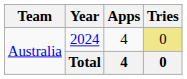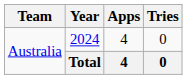 <table class="wikitable" style="text-align: center;">
 <tr>
 <th>Team</th>
 <th>Year</th>
 <th>Apps</th>
 <th>Tries</th>
 </tr>
 <tr>
 <td rowspan=2><a href='#'>Australia</a></td>
 <td><a href='#'>2024</a></td>
 <td>4</td>
-<td style="background: khaki;">0</td>
+<td>0</td>
 </tr>
 <tr>
 <th>Total</th>
 <th>4</th>
 <th>0</th>
 </tr>
 </table>
